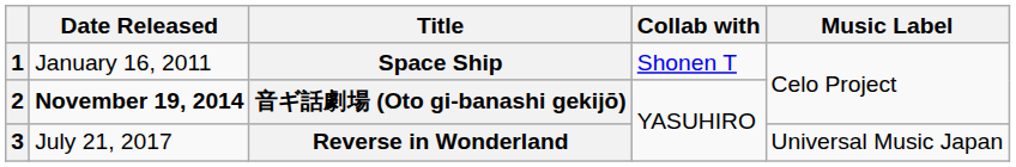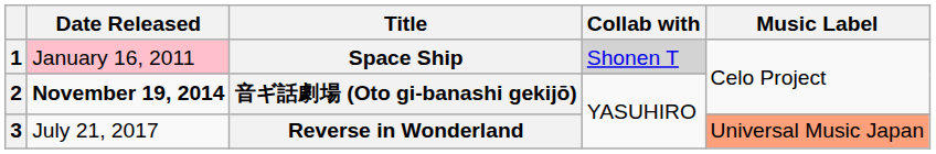 <table class="wikitable" style="font-size: small;">
 <tr>
 <th></th>
 <th>Date Released</th>
 <th>Title</th>
 <th>Collab with</th>
 <th>Music Label</th>
 </tr>
 <tr>
 <th>1</th>
-<td>January 16, 2011</td>
+<td style="background: pink;">January 16, 2011</td>
 <th>Space Ship</th>
-<td><a href='#'>Shonen T</a></td>
+<td style="background: lightgrey;"><a href='#'>Shonen T</a></td>
 <td rowspan="2">Celo Project</td>
 </tr>
 <tr>
 <th>2</th>
 <td><strong>November 19, 2014</strong></td>
 <th>音ギ話劇場 (Oto gi-banashi gekijō)</th>
 <td rowspan="2">YASUHIRO</td>
 </tr>
 <tr>
 <th>3</th>
 <td>July 21, 2017</td>
 <th>Reverse in Wonderland</th>
-<td>Universal Music Japan</td>
+<td style="background: lightsalmon;">Universal Music Japan</td>
 </tr>
 </table>
